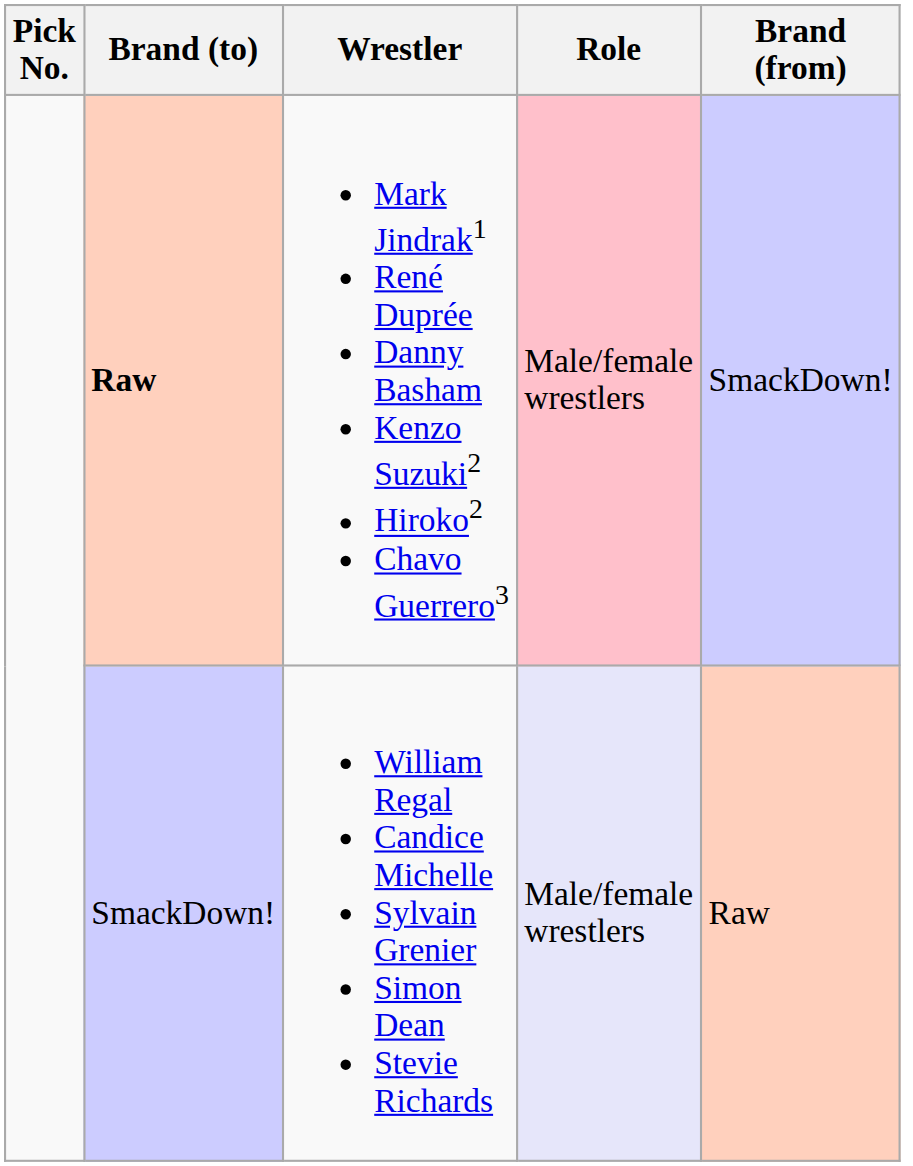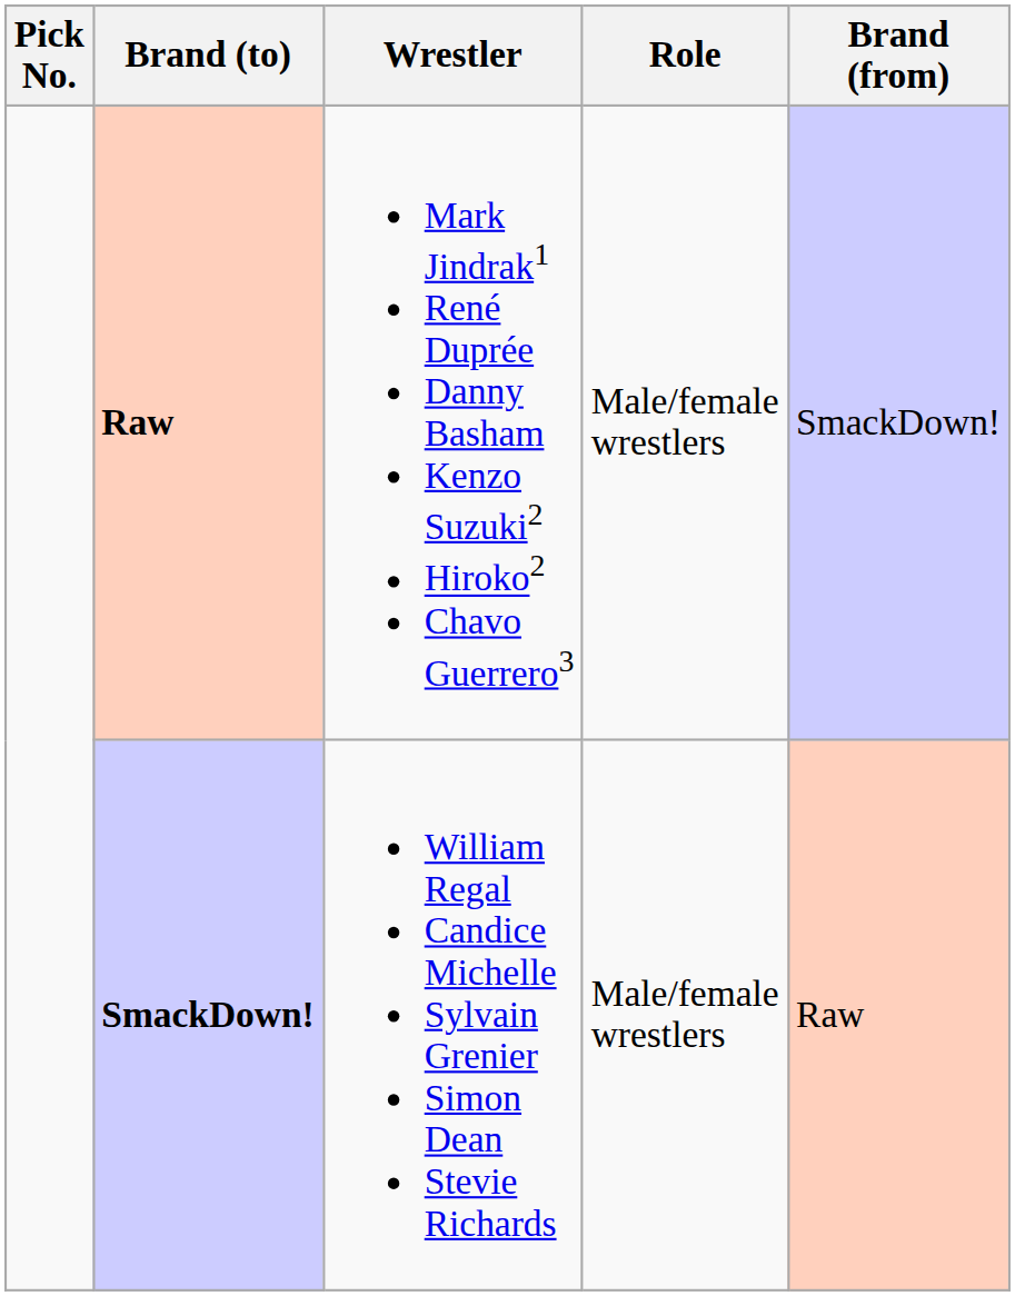 <table class="wikitable sortable" style="width: 50%">
 <tr>
 <th width=0%>Pick No.</th>
 <th width=15%>Brand (to)</th>
 <th width=45%>Wrestler</th>
 <th width=25%>Role</th>
 <th width=15%>Brand (from)</th>
 </tr>
 <tr>
 <td rowspan=2></td>
 <td style="background:#ffd0bd"><strong>Raw</strong></td>
 <td><br><ul><li><a href='#'>Mark Jindrak</a><sup>1</sup></li><li><a href='#'>René Duprée</a></li><li><a href='#'>Danny Basham</a></li><li><a href='#'>Kenzo Suzuki</a><sup>2</sup></li><li><a href='#'>Hiroko</a><sup>2</sup></li><li><a href='#'>Chavo Guerrero</a><sup>3</sup></li></ul></td>
-<td style="background: pink;">Male/female wrestlers</td>
+<td>Male/female wrestlers</td>
 <td style="background:#ccf">SmackDown!</td>
 </tr>
 <tr>
-<td style="background:#ccf">SmackDown!</td>
+<td style="background:#ccf"><strong>SmackDown!</strong></td>
 <td><br><ul><li><a href='#'>William Regal</a></li><li><a href='#'>Candice Michelle</a></li><li><a href='#'>Sylvain Grenier</a></li><li><a href='#'>Simon Dean</a></li><li><a href='#'>Stevie Richards</a></li></ul></td>
-<td style="background: lavender;">Male/female wrestlers</td>
+<td>Male/female wrestlers</td>
 <td style="background:#ffd0bd">Raw</td>
 </tr>
 </table>
